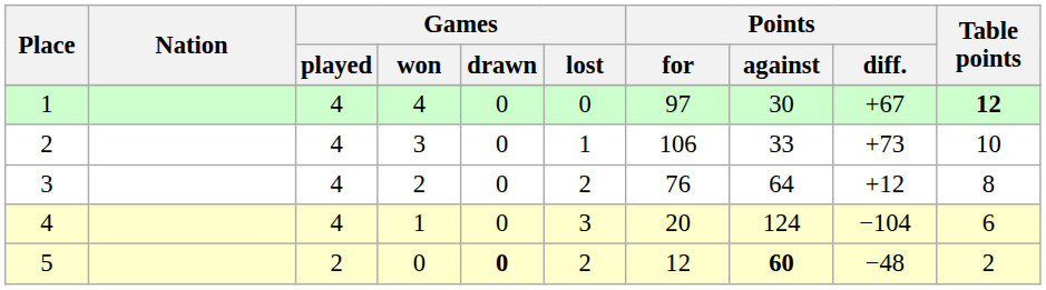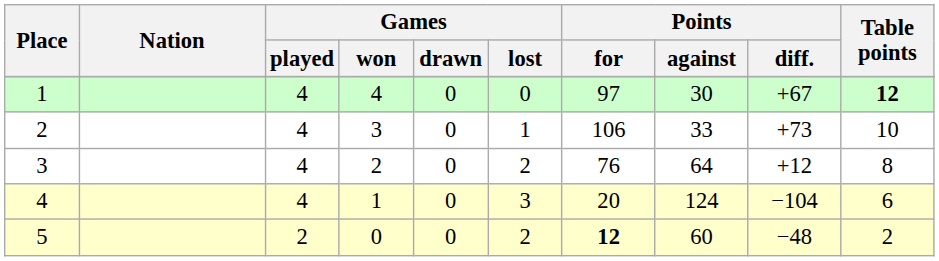 <table class="wikitable">
 <tr>
 <th rowspan=2 width="8%">Place</th>
 <th rowspan=2 width="20%">Nation</th>
 <th colspan=4 width="32%">Games</th>
 <th colspan=3 width="30%">Points</th>
 <th rowspan=2 width="10%">Table<br>points</th>
 </tr>
 <tr>
 <th width="8%">played</th>
 <th width="8%">won</th>
 <th width="8%">drawn</th>
 <th width="8%">lost</th>
 <th width="10%">for</th>
 <th width="10%">against</th>
 <th width="10%">diff.</th>
 </tr>
 <tr>
 </tr>
 <tr bgcolor=#ccffcc align=center>
 <td>1</td>
 <td align=left></td>
 <td>4</td>
 <td>4</td>
 <td>0</td>
 <td>0</td>
 <td>97</td>
 <td>30</td>
 <td>+67</td>
 <td><strong>12</strong></td>
 </tr>
 <tr bgcolor=#ffffff align=center>
 <td>2</td>
 <td align=left></td>
 <td>4</td>
 <td>3</td>
 <td>0</td>
 <td>1</td>
 <td>106</td>
 <td>33</td>
 <td>+73</td>
 <td>10</td>
 </tr>
 <tr bgcolor=#ffffff align=center>
 <td>3</td>
 <td align=left></td>
 <td>4</td>
 <td>2</td>
 <td>0</td>
 <td>2</td>
 <td>76</td>
 <td>64</td>
 <td>+12</td>
 <td>8</td>
 </tr>
 <tr bgcolor=#ffffcc align=center>
 <td>4</td>
 <td align=left></td>
 <td>4</td>
 <td>1</td>
 <td>0</td>
 <td>3</td>
 <td>20</td>
 <td>124</td>
 <td>−104</td>
 <td>6</td>
 </tr>
 <tr bgcolor=#ffffcc align=center>
 <td>5</td>
 <td align=left></td>
 <td>2</td>
 <td>0</td>
-<td><strong>0</strong></td>
+<td>0</td>
 <td>2</td>
-<td>12</td>
-<td><strong>60</strong></td>
+<td><strong>12</strong></td>
+<td>60</td>
 <td>−48</td>
 <td>2</td>
 </tr>
 </table>
